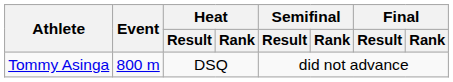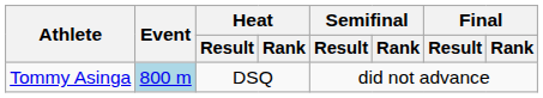 <table class=wikitable style="font-size:90%">
 <tr>
 <th rowspan="2">Athlete</th>
 <th rowspan="2">Event</th>
 <th colspan="2">Heat</th>
 <th colspan="2">Semifinal</th>
 <th colspan="2">Final</th>
 </tr>
 <tr style="font-size:95%">
 <th>Result</th>
 <th>Rank</th>
 <th>Result</th>
 <th>Rank</th>
 <th>Result</th>
 <th>Rank</th>
 </tr>
 <tr align=center>
 <td align=left><a href='#'>Tommy Asinga</a></td>
-<td align=left><a href='#'>800 m</a></td>
+<td align=left style="background: lightblue;"><a href='#'>800 m</a></td>
 <td colspan=2>DSQ</td>
 <td colspan=4>did not advance</td>
 </tr>
 </table>
